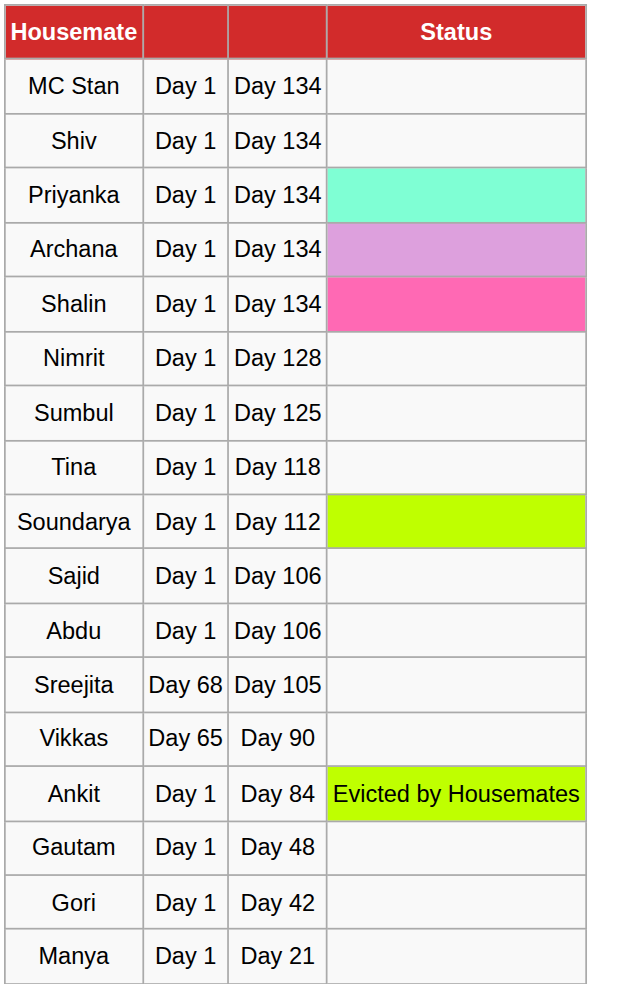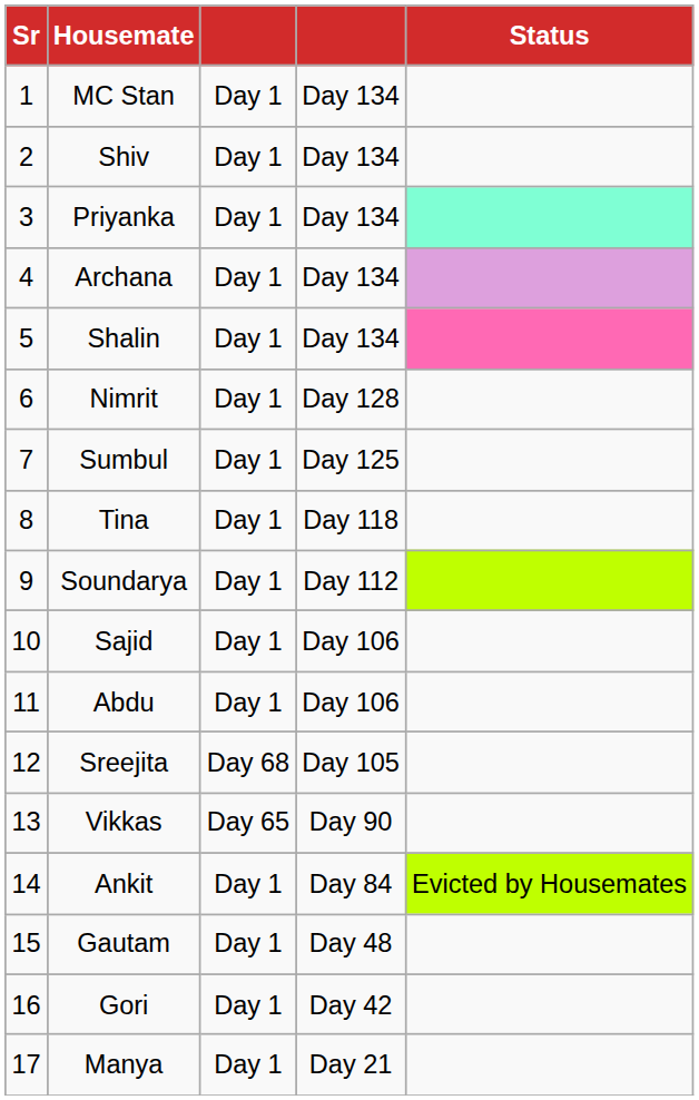 <table class="wikitable sortable" style=" text-align:center; font-size:85%; line-height:25px; width:auto;">
 <tr>
+<th scope="col" style="background:#D22B2B; color:#fff;">Sr</th>
 <th scope="col" style="background:#D22B2B; color:#fff;">Housemate</th>
 <th scope="col" style="background:#D22B2B; color:#fff;"></th>
 <th scope="col" style="background:#D22B2B; color:#fff;"></th>
 <th scope="col" style="background:#D22B2B; color:#fff">Status</th>
 </tr>
 <tr>
+<td>1</td>
 <td>MC Stan</td>
 <td>Day 1</td>
 <td>Day 134</td>
 <td></td>
 </tr>
 <tr>
+<td>2</td>
 <td>Shiv</td>
 <td>Day 1</td>
 <td>Day 134</td>
 <td></td>
 </tr>
 <tr>
+<td>3</td>
 <td>Priyanka</td>
 <td>Day 1</td>
 <td>Day 134</td>
 <td style="background:#7FFFD4"></td>
 </tr>
 <tr>
+<td>4</td>
 <td>Archana</td>
 <td>Day 1</td>
 <td>Day 134</td>
 <td style="background:#DDA0DD;"></td>
 </tr>
 <tr>
+<td>5</td>
 <td>Shalin</td>
 <td>Day 1</td>
 <td>Day 134</td>
 <td style="background:#FF69B4;"></td>
 </tr>
 <tr>
+<td>6</td>
 <td>Nimrit</td>
 <td>Day 1</td>
 <td>Day 128</td>
 <td></td>
 </tr>
 <tr>
+<td>7</td>
 <td>Sumbul</td>
 <td>Day 1</td>
 <td>Day 125</td>
 <td></td>
 </tr>
 <tr>
+<td>8</td>
 <td>Tina</td>
 <td>Day 1</td>
 <td>Day 118</td>
 <td></td>
 </tr>
 <tr>
+<td>9</td>
 <td>Soundarya</td>
 <td>Day 1</td>
 <td>Day 112</td>
 <td style="background:#BFFF00;"></td>
 </tr>
 <tr>
+<td>10</td>
 <td>Sajid</td>
 <td>Day 1</td>
 <td>Day 106</td>
 <td></td>
 </tr>
 <tr>
+<td>11</td>
 <td>Abdu</td>
 <td>Day 1</td>
 <td>Day 106</td>
 <td></td>
 </tr>
 <tr>
+<td>12</td>
 <td>Sreejita</td>
 <td>Day 68</td>
 <td>Day 105</td>
 <td></td>
 </tr>
 <tr>
+<td>13</td>
 <td>Vikkas</td>
 <td>Day 65</td>
 <td>Day 90</td>
 <td></td>
 </tr>
 <tr>
+<td>14</td>
 <td>Ankit</td>
 <td>Day 1</td>
 <td>Day 84</td>
 <td style="background:#BFFF00;">Evicted by Housemates</td>
 </tr>
 <tr>
+<td>15</td>
 <td>Gautam</td>
 <td>Day 1</td>
 <td>Day 48</td>
 <td></td>
 </tr>
 <tr>
+<td>16</td>
 <td>Gori</td>
 <td>Day 1</td>
 <td>Day 42</td>
 <td></td>
 </tr>
 <tr>
+<td>17</td>
 <td>Manya</td>
 <td>Day 1</td>
 <td>Day 21</td>
 <td></td>
 </tr>
 </table>
